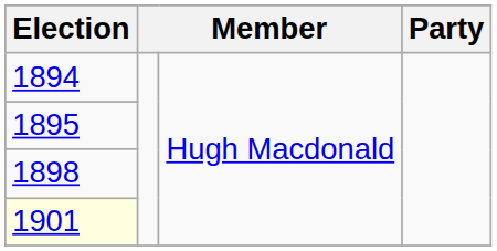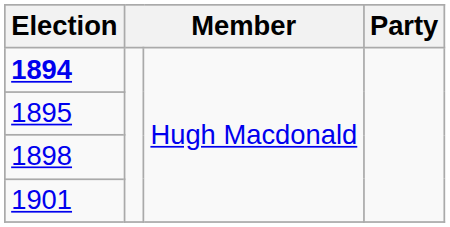 <table class="wikitable">
 <tr>
 <th>Election</th>
 <th colspan="2">Member</th>
 <th>Party</th>
 </tr>
 <tr>
-<td><a href='#'>1894</a></td>
+<td><strong><a href='#'>1894</a></strong></td>
 <td rowspan="4" > </td>
 <td rowspan="4"><a href='#'>Hugh Macdonald</a></td>
 <td rowspan="4"></td>
 </tr>
 <tr>
 <td><a href='#'>1895</a></td>
 </tr>
 <tr>
 <td><a href='#'>1898</a></td>
 </tr>
 <tr>
-<td style="background: lightyellow;"><a href='#'>1901</a></td>
+<td><a href='#'>1901</a></td>
 </tr>
 </table>
